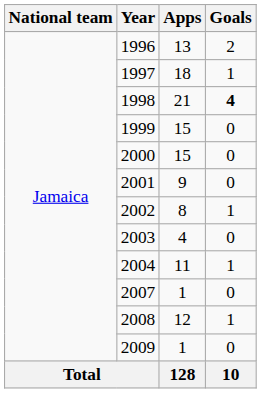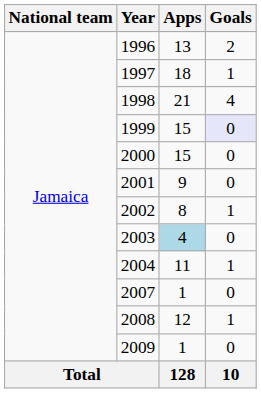 <table class=wikitable style="text-align: center;">
 <tr>
 <th>National team</th>
 <th>Year</th>
 <th>Apps</th>
 <th>Goals</th>
 </tr>
 <tr>
 <td rowspan=12><a href='#'>Jamaica</a></td>
 <td>1996</td>
 <td>13</td>
 <td>2</td>
 </tr>
 <tr>
 <td>1997</td>
 <td>18</td>
 <td>1</td>
 </tr>
 <tr>
 <td>1998</td>
 <td>21</td>
-<td><strong>4</strong></td>
+<td>4</td>
 </tr>
 <tr>
 <td>1999</td>
 <td>15</td>
-<td>0</td>
+<td style="background: lavender;">0</td>
 </tr>
 <tr>
 <td>2000</td>
 <td>15</td>
 <td>0</td>
 </tr>
 <tr>
 <td>2001</td>
 <td>9</td>
 <td>0</td>
 </tr>
 <tr>
 <td>2002</td>
 <td>8</td>
 <td>1</td>
 </tr>
 <tr>
 <td>2003</td>
-<td>4</td>
+<td style="background: lightblue;">4</td>
 <td>0</td>
 </tr>
 <tr>
 <td>2004</td>
 <td>11</td>
 <td>1</td>
 </tr>
 <tr>
 <td>2007</td>
 <td>1</td>
 <td>0</td>
 </tr>
 <tr>
 <td>2008</td>
 <td>12</td>
 <td>1</td>
 </tr>
 <tr>
 <td>2009</td>
 <td>1</td>
 <td>0</td>
 </tr>
 <tr>
 <th colspan=2>Total</th>
 <th>128</th>
 <th>10</th>
 </tr>
 </table>
